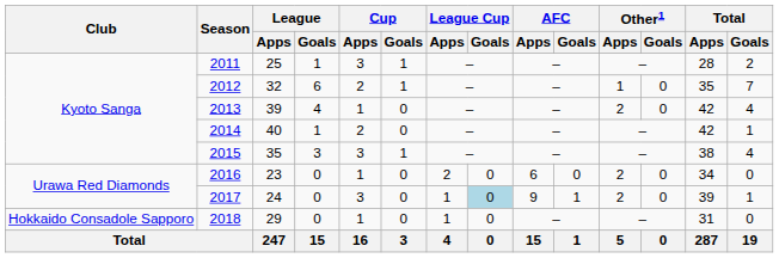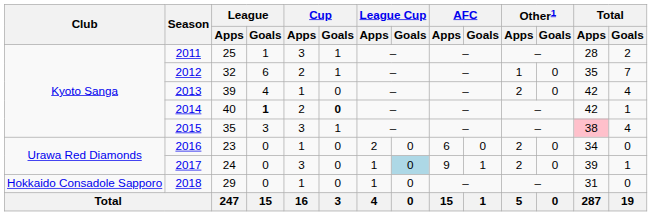 <table class="wikitable" style="text-align:center;">
 <tr>
 <th rowspan="2">Club</th>
 <th rowspan="2">Season</th>
 <th colspan="2">League</th>
 <th colspan="2"><a href='#'>Cup</a></th>
 <th colspan="2"><a href='#'>League Cup</a></th>
 <th colspan="2"><a href='#'>AFC</a></th>
 <th colspan="2">Other<sup><a href='#'>1</a></sup></th>
 <th colspan="2">Total</th>
 </tr>
 <tr>
 <th>Apps</th>
 <th>Goals</th>
 <th>Apps</th>
 <th>Goals</th>
 <th>Apps</th>
 <th>Goals</th>
 <th>Apps</th>
 <th>Goals</th>
 <th>Apps</th>
 <th>Goals</th>
 <th>Apps</th>
 <th>Goals</th>
 </tr>
 <tr>
 <td rowspan="5"><a href='#'>Kyoto Sanga</a></td>
 <td><a href='#'>2011</a></td>
 <td>25</td>
 <td>1</td>
 <td>3</td>
 <td>1</td>
 <td colspan="2">–</td>
 <td colspan="2">–</td>
 <td colspan="2">–</td>
 <td>28</td>
 <td>2</td>
 </tr>
 <tr>
 <td><a href='#'>2012</a></td>
 <td>32</td>
 <td>6</td>
 <td>2</td>
 <td>1</td>
 <td colspan="2">–</td>
 <td colspan="2">–</td>
 <td>1</td>
 <td>0</td>
 <td>35</td>
 <td>7</td>
 </tr>
 <tr>
 <td><a href='#'>2013</a></td>
 <td>39</td>
 <td>4</td>
 <td>1</td>
 <td>0</td>
 <td colspan="2">–</td>
 <td colspan="2">–</td>
 <td>2</td>
 <td>0</td>
 <td>42</td>
 <td>4</td>
 </tr>
 <tr>
 <td><a href='#'>2014</a></td>
 <td>40</td>
-<td>1</td>
+<td><strong>1</strong></td>
 <td>2</td>
-<td>0</td>
+<td><strong>0</strong></td>
 <td colspan="2">–</td>
 <td colspan="2">–</td>
 <td colspan="2">–</td>
 <td>42</td>
 <td>1</td>
 </tr>
 <tr>
 <td><a href='#'>2015</a></td>
 <td>35</td>
 <td>3</td>
 <td>3</td>
 <td>1</td>
 <td colspan="2">–</td>
 <td colspan="2">–</td>
 <td colspan="2">–</td>
-<td>38</td>
+<td style="background: pink;">38</td>
 <td>4</td>
 </tr>
 <tr>
 <td rowspan="2"><a href='#'>Urawa Red Diamonds</a></td>
 <td><a href='#'>2016</a></td>
 <td>23</td>
 <td>0</td>
 <td>1</td>
 <td>0</td>
 <td>2</td>
 <td>0</td>
 <td>6</td>
 <td>0</td>
 <td>2</td>
 <td>0</td>
 <td>34</td>
 <td>0</td>
 </tr>
 <tr>
 <td><a href='#'>2017</a></td>
 <td>24</td>
 <td>0</td>
 <td>3</td>
 <td>0</td>
 <td>1</td>
 <td style="background: lightblue;">0</td>
 <td>9</td>
 <td>1</td>
 <td>2</td>
 <td>0</td>
 <td>39</td>
 <td>1</td>
 </tr>
 <tr>
 <td rowspan="1"><a href='#'>Hokkaido Consadole Sapporo</a></td>
 <td><a href='#'>2018</a></td>
 <td>29</td>
 <td>0</td>
 <td>1</td>
 <td>0</td>
 <td>1</td>
 <td>0</td>
 <td colspan="2">–</td>
 <td colspan="2">–</td>
 <td>31</td>
 <td>0</td>
 </tr>
 <tr>
 <th colspan="2">Total</th>
 <th>247</th>
 <th>15</th>
 <th>16</th>
 <th>3</th>
 <th>4</th>
 <th>0</th>
 <th>15</th>
 <th>1</th>
 <th>5</th>
 <th>0</th>
 <th>287</th>
 <th>19</th>
 </tr>
 </table>
